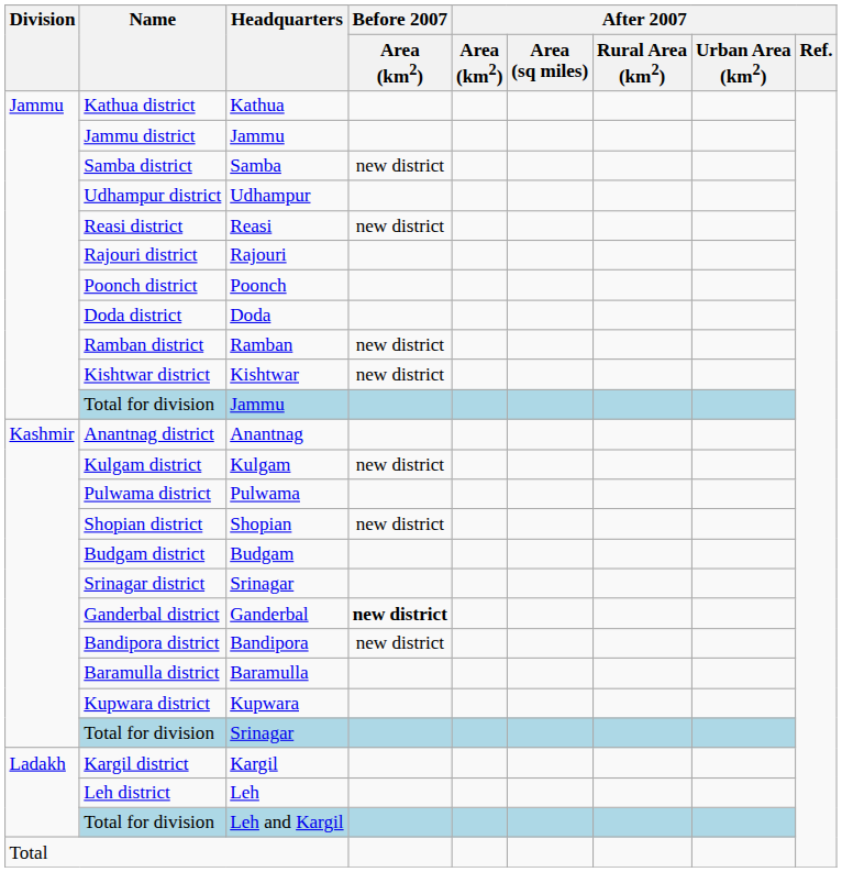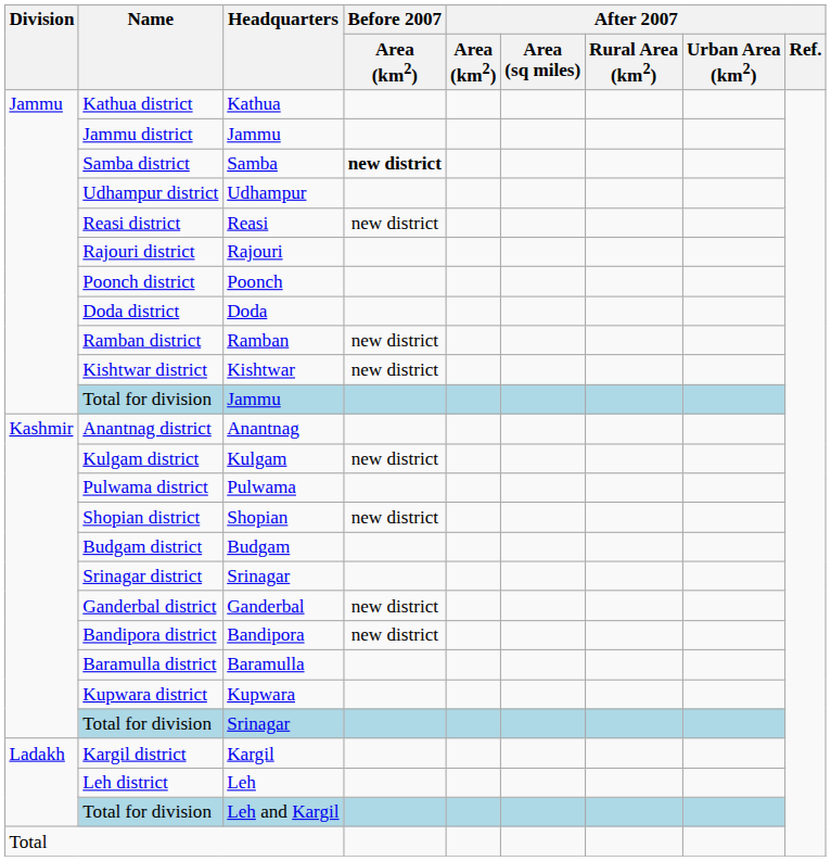 <table class="wikitable sortable" style="margin-bottom: 0;">
 <tr style="vertical-align:top;">
 <th rowspan=2>Division</th>
 <th rowspan=2>Name</th>
 <th rowspan=2>Headquarters</th>
 <th>Before 2007</th>
 <th colspan=5>After 2007</th>
 </tr>
 <tr style="vertical-align:top;">
 <th>Area <br>(km<sup>2</sup>)</th>
 <th>Area <br>(km<sup>2</sup>)</th>
 <th>Area <br>(sq miles)</th>
 <th>Rural Area <br>(km<sup>2</sup>)</th>
 <th>Urban Area <br>(km<sup>2</sup>)</th>
 <th>Ref.</th>
 </tr>
 <tr style="vertical-align:top;">
 <td rowspan=11><a href='#'>Jammu</a></td>
 <td><a href='#'>Kathua district</a></td>
 <td><a href='#'>Kathua</a></td>
 <td style="text-align:right;"></td>
 <td></td>
 <td style="text-align:right;"></td>
 <td style="text-align:right;"></td>
 <td></td>
 </tr>
 <tr style="vertical-align:top;">
 <td><a href='#'>Jammu district</a></td>
 <td><a href='#'>Jammu</a></td>
 <td style="text-align:right;"></td>
 <td></td>
 <td style="text-align:right;"> </td>
 <td style="text-align:right;"></td>
 <td></td>
 </tr>
 <tr style="vertical-align:top;">
 <td><a href='#'>Samba district</a></td>
 <td><a href='#'>Samba</a></td>
-<td style="text-align:center;">new district</td>
+<td style="text-align:center;"><strong>new district</strong></td>
 <td></td>
 <td style="text-align:right;"></td>
 <td style="text-align:right;"></td>
 <td></td>
 </tr>
 <tr style="vertical-align:top;">
 <td><a href='#'>Udhampur district</a></td>
 <td><a href='#'>Udhampur</a></td>
 <td style="text-align:right;"></td>
 <td></td>
 <td style="text-align:right;"></td>
 <td style="text-align:right;"></td>
 <td></td>
 </tr>
 <tr style="vertical-align:top;">
 <td><a href='#'>Reasi district</a></td>
 <td><a href='#'>Reasi</a></td>
 <td style="text-align:center;">new district</td>
 <td></td>
 <td style="text-align:right;"></td>
 <td style="text-align:right;"></td>
 <td></td>
 </tr>
 <tr style="vertical-align:top;">
 <td><a href='#'>Rajouri district</a></td>
 <td><a href='#'>Rajouri</a></td>
 <td style="text-align:right;"></td>
 <td></td>
 <td style="text-align:right;"></td>
 <td style="text-align:right;"></td>
 <td></td>
 </tr>
 <tr style="vertical-align:top;">
 <td><a href='#'>Poonch district</a></td>
 <td><a href='#'>Poonch</a></td>
 <td style="text-align:right;"></td>
 <td></td>
 <td style="text-align:right;"></td>
 <td style="text-align:right;"></td>
 <td></td>
 </tr>
 <tr style="vertical-align:top;">
 <td><a href='#'>Doda district</a></td>
 <td><a href='#'>Doda</a></td>
 <td style="text-align:right;"></td>
 <td></td>
 <td style="text-align:right;"></td>
 <td style="text-align:right;"></td>
 <td></td>
 </tr>
 <tr style="vertical-align:top;">
 <td><a href='#'>Ramban district</a></td>
 <td><a href='#'>Ramban</a></td>
 <td style="text-align:center">new district</td>
 <td></td>
 <td style="text-align:right;"></td>
 <td style="text-align:right;"></td>
 <td></td>
 </tr>
 <tr style="vertical-align:top;">
 <td><a href='#'>Kishtwar district</a></td>
 <td><a href='#'>Kishtwar</a></td>
 <td style="text-align:center;">new district</td>
 <td></td>
 <td style="text-align:right;"></td>
 <td style="text-align:right;"></td>
 <td></td>
 </tr>
 <tr style="background:lightblue; vertical-align:top;">
 <td>Total for division</td>
 <td><a href='#'>Jammu</a></td>
 <td style="text-align:right;"></td>
 <td></td>
 <td style="text-align:center;"></td>
 <td style="text-align:center;"></td>
 <td></td>
 </tr>
 <tr style="vertical-align:top;">
 <td rowspan=11><a href='#'>Kashmir</a></td>
 <td><a href='#'>Anantnag district</a></td>
 <td><a href='#'>Anantnag</a></td>
 <td style="text-align:right;"></td>
 <td></td>
 <td style="text-align:right;"></td>
 <td style="text-align:right;"></td>
 <td></td>
 </tr>
 <tr style="vertical-align:top;">
 <td><a href='#'>Kulgam district</a></td>
 <td><a href='#'>Kulgam</a></td>
 <td style="text-align:center;">new district</td>
 <td> </td>
 <td style="text-align:right;"></td>
 <td style="text-align:right;"></td>
 <td></td>
 </tr>
 <tr style="vertical-align:top;">
 <td><a href='#'>Pulwama district</a></td>
 <td><a href='#'>Pulwama</a></td>
 <td style="text-align:right;"></td>
 <td></td>
 <td style="text-align:right;"></td>
 <td style="text-align:right;"></td>
 <td></td>
 </tr>
 <tr style="vertical-align:top;">
 <td><a href='#'>Shopian district</a></td>
 <td><a href='#'>Shopian</a></td>
 <td style="text-align:center;">new district</td>
 <td> </td>
 <td style="text-align:right;"></td>
 <td style="text-align:right;"></td>
 <td></td>
 </tr>
 <tr style="vertical-align:top;">
 <td><a href='#'>Budgam district</a></td>
 <td><a href='#'>Budgam</a></td>
 <td style="text-align:right;"></td>
 <td> </td>
 <td style="text-align:right;"></td>
 <td style="text-align:right;"></td>
 <td></td>
 </tr>
 <tr style="vertical-align:top;">
 <td><a href='#'>Srinagar district</a></td>
 <td><a href='#'>Srinagar</a></td>
 <td style="text-align:right;"></td>
 <td> </td>
 <td style="text-align:right;"></td>
 <td style="text-align:right;"></td>
 <td></td>
 </tr>
 <tr style="vertical-align:top;">
 <td><a href='#'>Ganderbal district</a></td>
 <td><a href='#'>Ganderbal</a></td>
-<td style="text-align:center;"><strong>new district</strong></td>
+<td style="text-align:center;">new district</td>
 <td> </td>
 <td style="text-align:right;"></td>
 <td style="text-align:right;"></td>
 <td></td>
 </tr>
 <tr style="vertical-align:top;">
 <td><a href='#'>Bandipora district</a></td>
 <td><a href='#'>Bandipora</a></td>
 <td style="text-align:center;">new district</td>
 <td></td>
 <td style="text-align:right;"></td>
 <td style="text-align:right;"></td>
 <td></td>
 </tr>
 <tr style="vertical-align:top;">
 <td><a href='#'>Baramulla district</a></td>
 <td><a href='#'>Baramulla</a></td>
 <td style="text-align:right;"></td>
 <td></td>
 <td style="text-align:right;"></td>
 <td style="text-align:right;"></td>
 <td></td>
 </tr>
 <tr style="vertical-align:top;">
 <td><a href='#'>Kupwara district</a></td>
 <td><a href='#'>Kupwara</a></td>
 <td style="text-align:right;"></td>
 <td></td>
 <td style="text-align:right;"></td>
 <td style="text-align:right;"></td>
 <td></td>
 </tr>
 <tr style="background:lightblue; vertical-align:top;">
 <td>Total for division</td>
 <td><a href='#'>Srinagar</a></td>
 <td style="text-align:center;"></td>
 <td></td>
 <td style="text-align:center;"></td>
 <td style="text-align:center;"></td>
 <td></td>
 </tr>
 <tr style="vertical-align:top;">
 <td rowspan=3><a href='#'>Ladakh</a></td>
 <td><a href='#'>Kargil district</a></td>
 <td><a href='#'>Kargil</a></td>
 <td style="text-align:right;"></td>
 <td></td>
 <td style="text-align:right;"></td>
 <td style="text-align:right;"></td>
 <td></td>
 </tr>
 <tr style="vertical-align:top;">
 <td><a href='#'>Leh district</a></td>
 <td><a href='#'>Leh</a></td>
 <td style="text-align:right;"></td>
 <td></td>
 <td style="text-align:right;"></td>
 <td style="text-align:right;"></td>
 <td></td>
 </tr>
 <tr style="background:lightblue; vertical-align:top;">
 <td>Total for division</td>
 <td><a href='#'>Leh</a> and <a href='#'>Kargil</a></td>
 <td style="text-align:center;"></td>
 <td></td>
 <td style="text-align:center;"></td>
 <td style="text-align:center;"></td>
 <td></td>
 </tr>
 <tr class=sortbottom>
 <td colspan=3>Total</td>
 <td style="text-align:center;"></td>
 <td></td>
 <td style="text-align:center;"></td>
 <td style="text-align:center;"></td>
 <td></td>
 </tr>
 </table>
